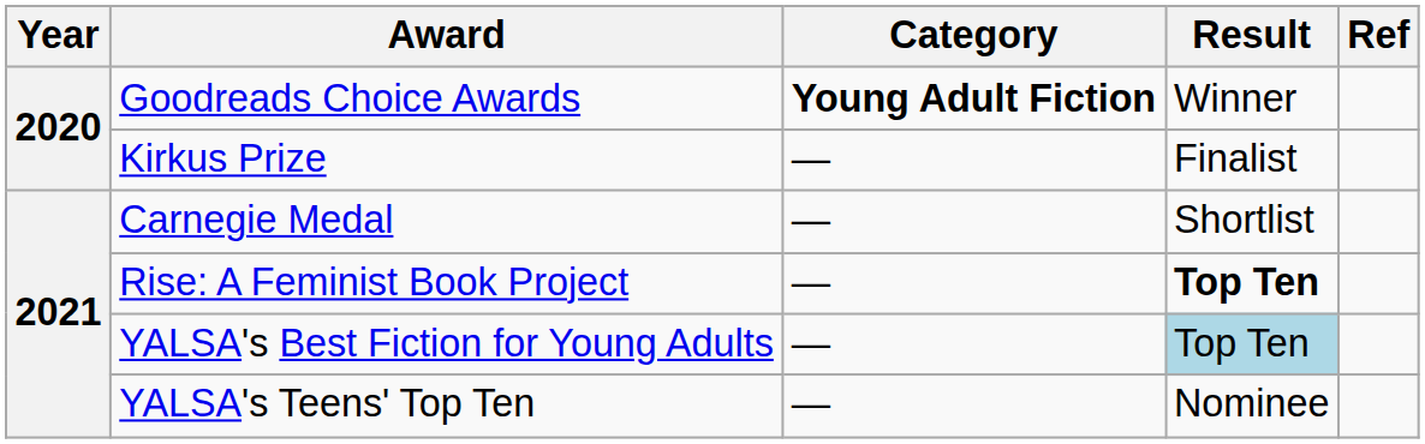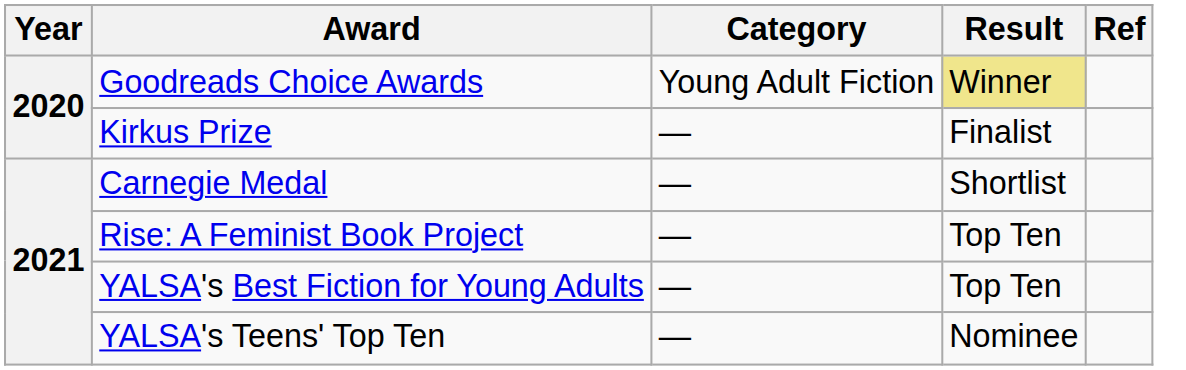 <table class="wikitable sortable">
 <tr>
 <th>Year</th>
 <th>Award</th>
 <th>Category</th>
 <th>Result</th>
 <th>Ref</th>
 </tr>
 <tr>
 <th rowspan="2">2020</th>
 <td><a href='#'>Goodreads Choice Awards</a></td>
-<td><strong>Young Adult Fiction</strong></td>
-<td>Winner</td>
+<td>Young Adult Fiction</td>
+<td style="background: khaki;">Winner</td>
 <td></td>
 </tr>
 <tr>
 <td><a href='#'>Kirkus Prize</a></td>
 <td>—</td>
 <td>Finalist</td>
 <td></td>
 </tr>
 <tr>
 <th rowspan="4">2021</th>
 <td><a href='#'>Carnegie Medal</a></td>
 <td>—</td>
 <td>Shortlist</td>
 <td></td>
 </tr>
 <tr>
 <td><a href='#'>Rise: A Feminist Book Project</a></td>
 <td>—</td>
-<td><strong>Top Ten</strong></td>
+<td>Top Ten</td>
 <td></td>
 </tr>
 <tr>
 <td><a href='#'>YALSA</a>'s <a href='#'>Best Fiction for Young Adults</a></td>
 <td>—</td>
-<td style="background: lightblue;">Top Ten</td>
+<td>Top Ten</td>
 <td></td>
 </tr>
 <tr>
 <td><a href='#'>YALSA</a>'s Teens' Top Ten</td>
 <td>—</td>
 <td>Nominee</td>
 <td></td>
 </tr>
 </table>
